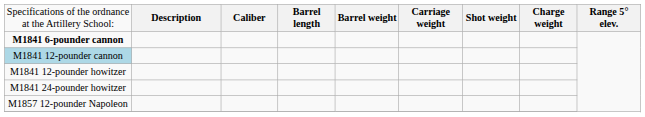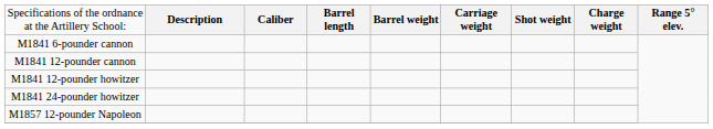 <table class="wikitable" style="text-align:center; width:80%;">
 <tr>
 <td>Specifications of the ordnance at the Artillery School:</td>
 <th width=14%>Description</th>
 <th width=9%>Caliber</th>
 <th width=9%>Barrel length</th>
 <th width=10%>Barrel weight</th>
 <th width=10%>Carriage weight</th>
 <th width=9%>Shot weight</th>
 <th width=9%>Charge weight</th>
 <th width=10%>Range 5° elev.</th>
 </tr>
 <tr>
-<td rowspan=1><strong>M1841 6-pounder cannon</strong></td>
+<td rowspan=1>M1841 6-pounder cannon</td>
 <td></td>
 <td></td>
 <td></td>
 <td></td>
 <td></td>
 <td></td>
 <td></td>
 </tr>
 <tr>
-<td rowspan=1 style="background: lightblue;">M1841 12-pounder cannon</td>
+<td rowspan=1>M1841 12-pounder cannon</td>
 <td></td>
 <td></td>
 <td></td>
 <td></td>
 <td></td>
 <td></td>
 <td></td>
 </tr>
 <tr>
 <td rowspan=1>M1841 12-pounder howitzer</td>
 <td></td>
 <td></td>
 <td></td>
 <td></td>
 <td></td>
 <td></td>
 <td></td>
 </tr>
 <tr>
 <td rowspan=1>M1841 24-pounder howitzer</td>
 <td></td>
 <td></td>
 <td></td>
 <td></td>
 <td></td>
 <td></td>
 <td></td>
 </tr>
 <tr>
 <td rowspan=1>M1857 12-pounder Napoleon</td>
 <td></td>
 <td></td>
 <td></td>
 <td></td>
 <td></td>
 <td></td>
 <td></td>
 </tr>
 <tr>
 </tr>
 </table>
